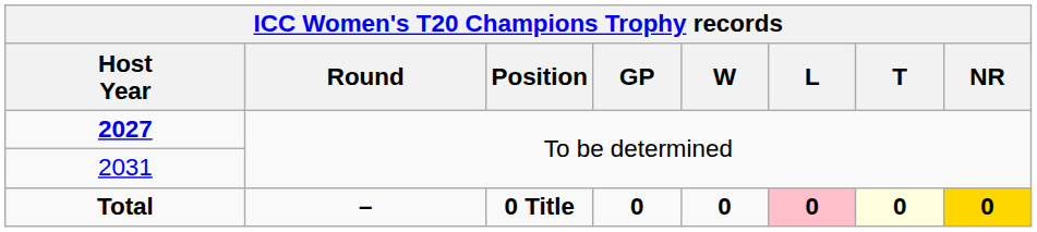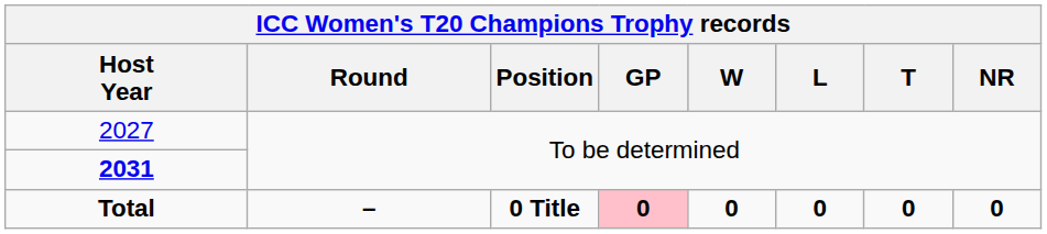 <table class="wikitable" style="text-align: center; width=900px;">
 <tr>
 <th colspan=9><a href='#'>ICC Women's T20 Champions Trophy</a> records</th>
 </tr>
 <tr>
 <th width=150>Host<br>Year</th>
 <th width=150>Round</th>
 <th width=50>Position</th>
 <th width=50>GP</th>
 <th width=50>W</th>
 <th width=50>L</th>
 <th width=50>T</th>
 <th width=50>NR</th>
 </tr>
 <tr>
-<td><strong> <a href='#'>2027</a></strong></td>
+<td> <a href='#'>2027</a></td>
 <td colspan=8 rowspan=2>To be determined</td>
 </tr>
 <tr>
-<td> <a href='#'>2031</a></td>
+<td><strong> <a href='#'>2031</a></strong></td>
 </tr>
 <tr>
 <td><strong>Total</strong></td>
 <td><strong>–</strong></td>
 <td><strong>0 Title</strong></td>
+<td style="background: pink;"><strong>0</strong></td>
 <td><strong>0</strong></td>
 <td><strong>0</strong></td>
-<td style="background: pink;"><strong>0</strong></td>
-<td style="background: lightyellow;"><strong>0</strong></td>
-<td style="background: gold;"><strong>0</strong></td>
+<td><strong>0</strong></td>
+<td><strong>0</strong></td>
 </tr>
 </table>
